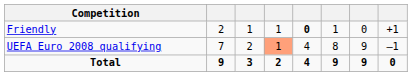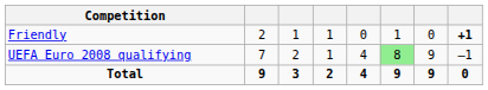 <table class="wikitable" style="text-align: center;">
 <tr>
 <th width=250>Competition</th>
 <th width=30></th>
 <th width=30></th>
 <th width=30></th>
 <th width=30></th>
 <th width=30></th>
 <th width=30></th>
 <th width=30></th>
 </tr>
 <tr>
 <td align=left><a href='#'>Friendly</a></td>
 <td>2</td>
 <td>1</td>
 <td>1</td>
-<td><strong>0</strong></td>
+<td>0</td>
 <td>1</td>
 <td>0</td>
-<td>+1</td>
+<td><strong>+1</strong></td>
 </tr>
 <tr>
 <td align=left><a href='#'>UEFA Euro 2008 qualifying</a></td>
 <td>7</td>
 <td>2</td>
-<td style="background: lightsalmon;">1</td>
+<td>1</td>
 <td>4</td>
-<td>8</td>
+<td style="background: lightgreen;">8</td>
 <td>9</td>
 <td>–1</td>
 </tr>
 <tr>
 <td><strong>Total</strong></td>
 <td><strong>9</strong></td>
 <td><strong>3</strong></td>
 <td><strong>2</strong></td>
 <td><strong>4</strong></td>
 <td><strong>9</strong></td>
 <td><strong>9</strong></td>
 <td><strong>0</strong></td>
 </tr>
 </table>
